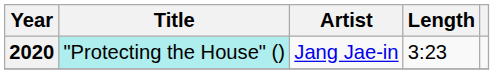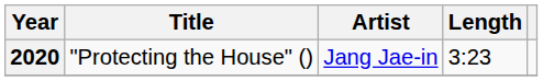 <table class="wikitable plainrowheaders">
 <tr>
 <th>Year</th>
 <th>Title</th>
 <th>Artist</th>
 <th>Length</th>
 <th scope="col" class="unsortable"></th>
 </tr>
 <tr>
 <th scope="row">2020</th>
-<td style="background: paleturquoise;">"Protecting the House" ()</td>
+<td>"Protecting the House" ()</td>
 <td><a href='#'>Jang Jae-in</a></td>
 <td>3:23</td>
 <td style="text-align:center"></td>
 </tr>
 <tr>
 </tr>
 </table>
